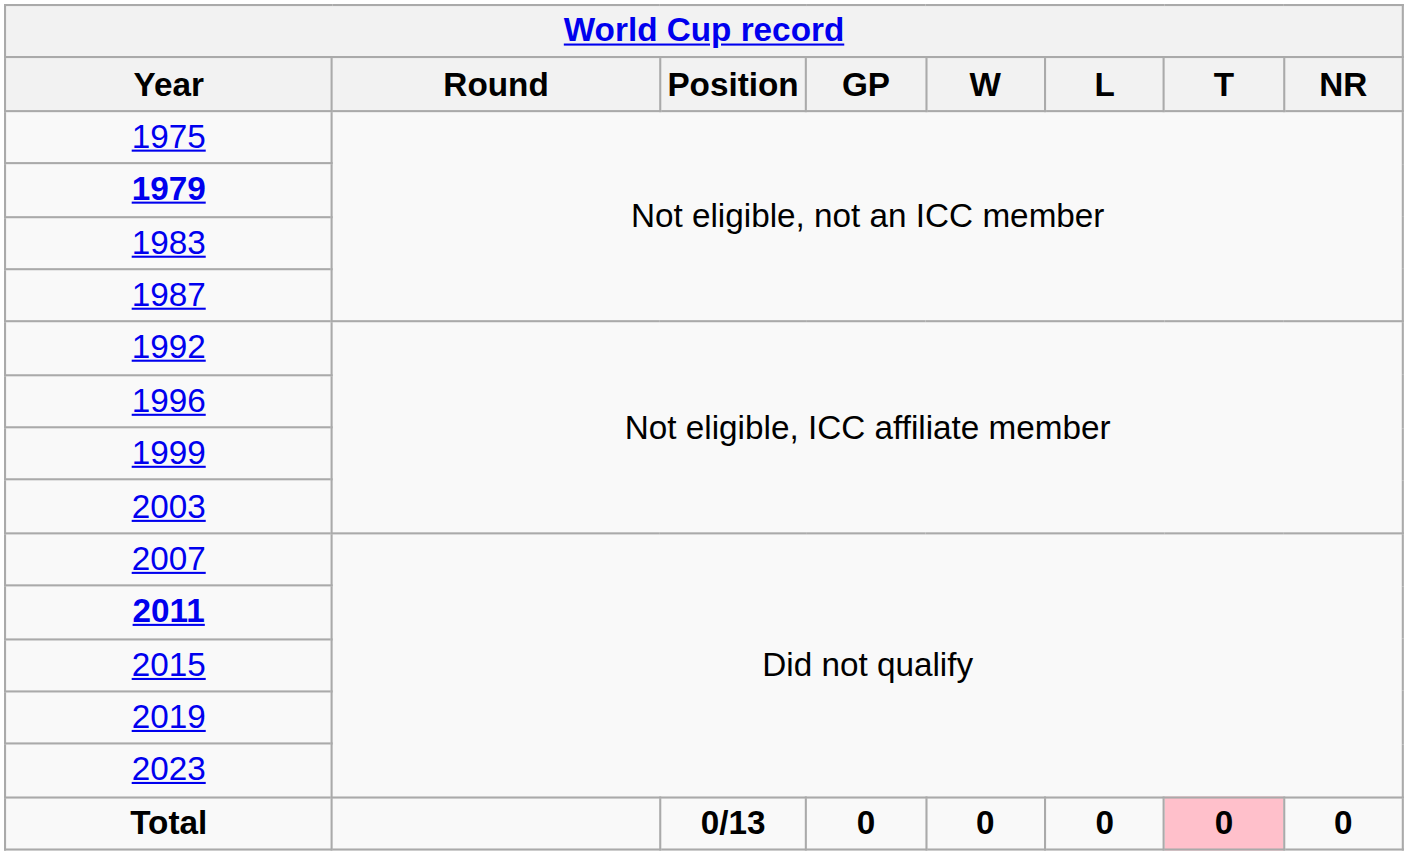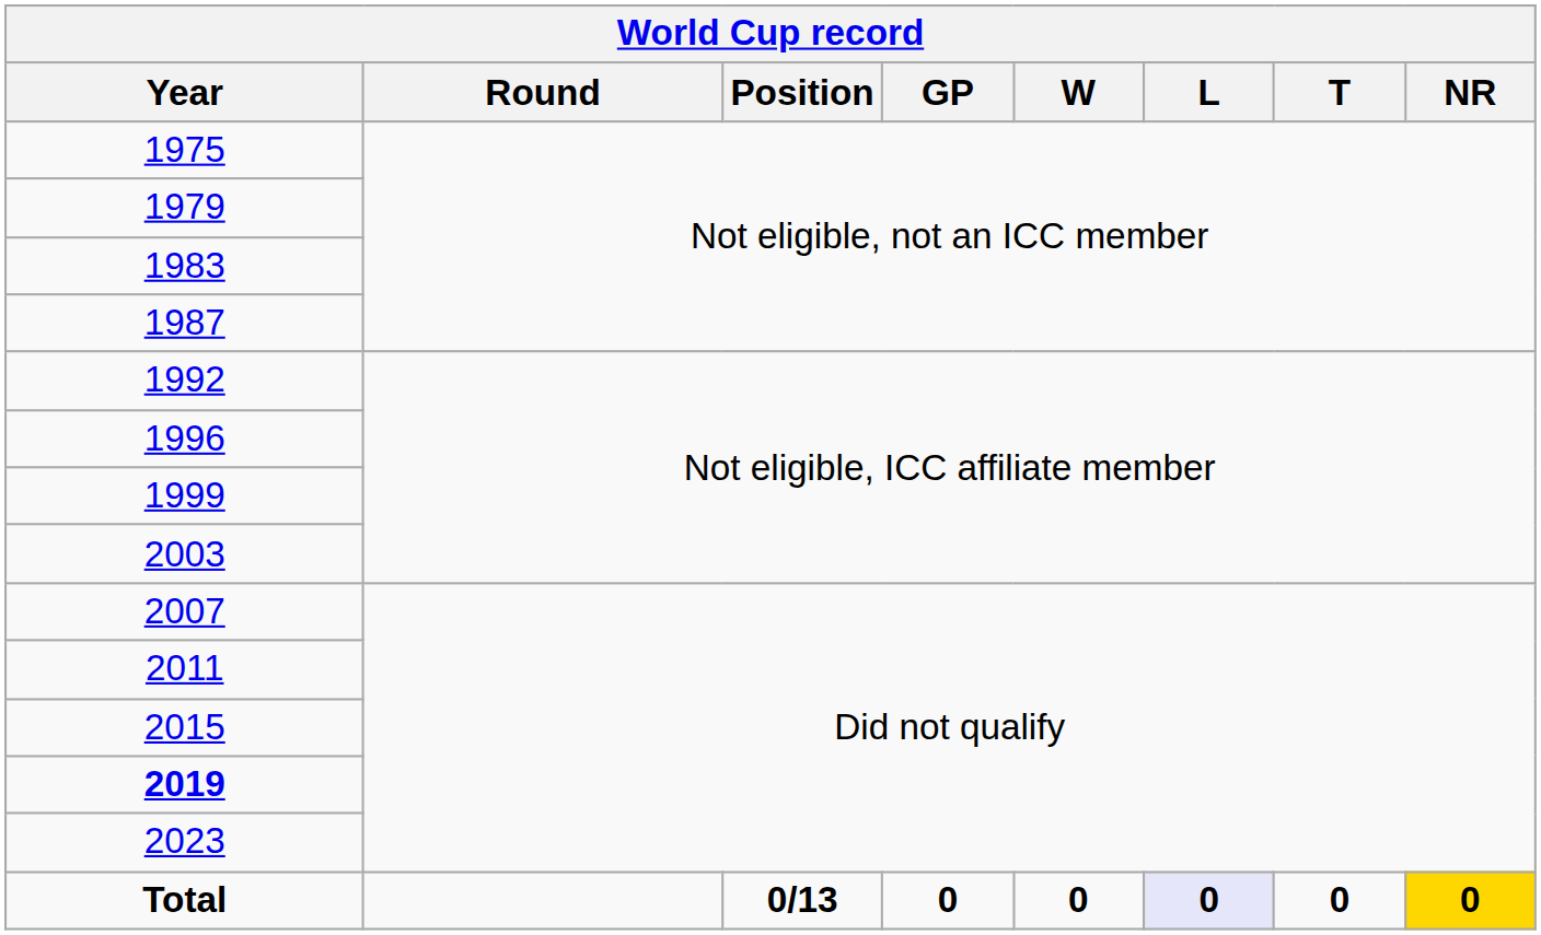 <table class="wikitable" style="text-align: center;">
 <tr>
 <th colspan=8><a href='#'>World Cup record</a></th>
 </tr>
 <tr>
 <th width=150>Year</th>
 <th width=150>Round</th>
 <th width=50>Position</th>
 <th width=50>GP</th>
 <th width=50>W</th>
 <th width=50>L</th>
 <th width=50>T</th>
 <th width=50>NR</th>
 </tr>
 <tr>
 <td> <a href='#'>1975</a></td>
 <td colspan=8 rowspan=4>Not eligible, not an ICC member</td>
 </tr>
 <tr>
-<td><strong> <a href='#'>1979</a></strong></td>
+<td> <a href='#'>1979</a></td>
 </tr>
 <tr>
 <td> <a href='#'>1983</a></td>
 </tr>
 <tr>
 <td>  <a href='#'>1987</a></td>
 </tr>
 <tr>
 <td>  <a href='#'>1992</a></td>
 <td colspan=8 rowspan=4>Not eligible, ICC affiliate member</td>
 </tr>
 <tr>
 <td>  <a href='#'>1996</a></td>
 </tr>
 <tr>
 <td> <a href='#'>1999</a></td>
 </tr>
 <tr>
 <td> <a href='#'>2003</a></td>
 </tr>
 <tr>
 <td> <a href='#'>2007</a></td>
 <td rowspan=5 colspan=7>Did not qualify</td>
 </tr>
 <tr>
-<td><strong>   <a href='#'>2011</a></strong></td>
+<td>   <a href='#'>2011</a></td>
 </tr>
 <tr>
 <td>  <a href='#'>2015</a></td>
 </tr>
 <tr>
-<td>  <a href='#'>2019</a></td>
+<td><strong>  <a href='#'>2019</a></strong></td>
 </tr>
 <tr>
 <td> <a href='#'>2023</a></td>
 </tr>
 <tr>
 <td><strong>Total</strong></td>
 <td></td>
 <td><strong>0/13</strong></td>
 <td><strong>0</strong></td>
 <td><strong>0</strong></td>
+<td style="background: lavender;"><strong>0</strong></td>
 <td><strong>0</strong></td>
-<td style="background: pink;"><strong>0</strong></td>
-<td><strong>0</strong></td>
+<td style="background: gold;"><strong>0</strong></td>
 </tr>
 </table>
